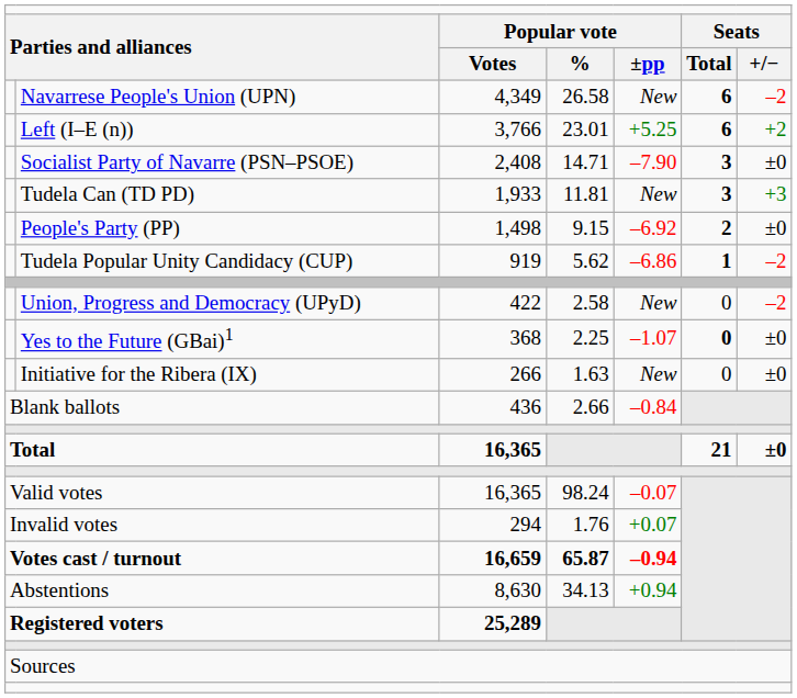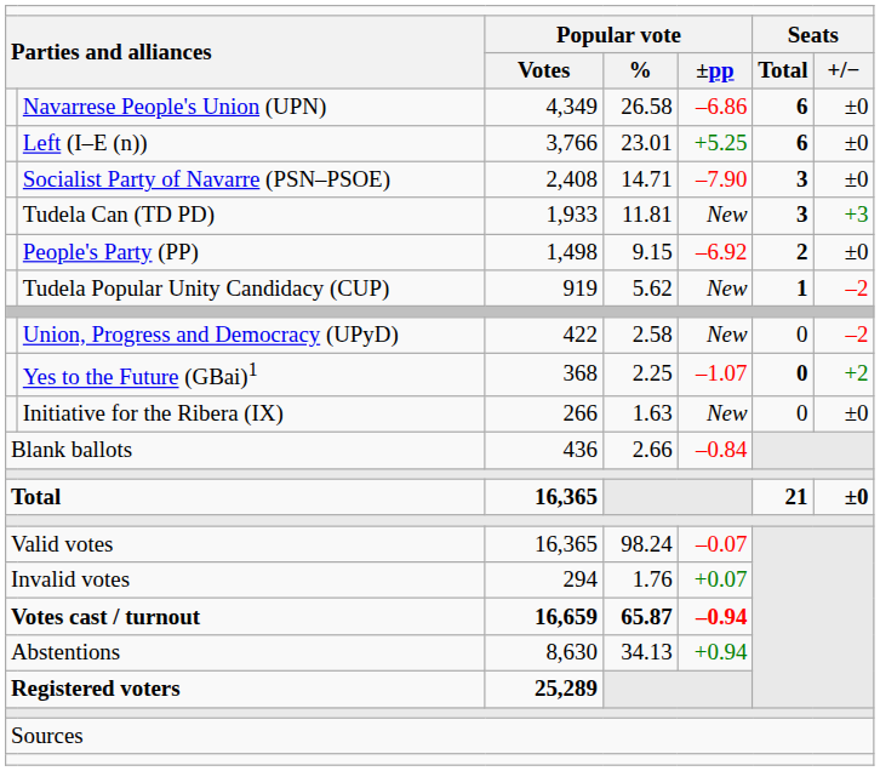 <table class="wikitable" style="text-align:right;">
 <tr>
 <td colspan="7"></td>
 </tr>
 <tr>
 <th style="text-align:left;" rowspan="2" colspan="2" width="525">Parties and alliances</th>
 <th colspan="3">Popular vote</th>
 <th colspan="2">Seats</th>
 </tr>
 <tr>
 <th width="75">Votes</th>
 <th width="45">%</th>
 <th width="45">±<a href='#'>pp</a></th>
 <th width="35">Total</th>
 <th width="35">+/−</th>
 </tr>
 <tr>
 <td width="1" style="color:inherit;background:"></td>
 <td align="left"><a href='#'>Navarrese People's Union</a> (UPN)</td>
 <td>4,349</td>
 <td>26.58</td>
-<td><em>New</em></td>
+<td style="color:red;">–6.86</td>
 <td><strong>6</strong></td>
-<td style="color:red;">–2</td>
+<td>±0</td>
 </tr>
 <tr>
 <td style="color:inherit;background:"></td>
 <td align="left"><a href='#'>Left</a> (I–E (n))</td>
 <td>3,766</td>
 <td>23.01</td>
 <td style="color:green;">+5.25</td>
 <td><strong>6</strong></td>
-<td style="color:green;">+2</td>
+<td>±0</td>
 </tr>
 <tr>
 <td style="color:inherit;background:"></td>
 <td align="left"><a href='#'>Socialist Party of Navarre</a> (PSN–PSOE)</td>
 <td>2,408</td>
 <td>14.71</td>
 <td style="color:red;">–7.90</td>
 <td><strong>3</strong></td>
 <td>±0</td>
 </tr>
 <tr>
 <td style="color:inherit;background:"></td>
 <td align="left">Tudela Can (TD PD)</td>
 <td>1,933</td>
 <td>11.81</td>
 <td><em>New</em></td>
 <td><strong>3</strong></td>
 <td style="color:green;">+3</td>
 </tr>
 <tr>
 <td style="color:inherit;background:"></td>
 <td align="left"><a href='#'>People's Party</a> (PP)</td>
 <td>1,498</td>
 <td>9.15</td>
 <td style="color:red;">–6.92</td>
 <td><strong>2</strong></td>
 <td>±0</td>
 </tr>
 <tr>
 <td style="color:inherit;background:"></td>
 <td align="left">Tudela Popular Unity Candidacy (CUP)</td>
 <td>919</td>
 <td>5.62</td>
-<td style="color:red;">–6.86</td>
+<td><em>New</em></td>
 <td><strong>1</strong></td>
 <td style="color:red;">–2</td>
 </tr>
 <tr>
 <td colspan="7" bgcolor="#C0C0C0"></td>
 </tr>
 <tr>
 <td style="color:inherit;background:"></td>
 <td align="left"><a href='#'>Union, Progress and Democracy</a> (UPyD)</td>
 <td>422</td>
 <td>2.58</td>
 <td><em>New</em></td>
 <td>0</td>
 <td style="color:red;">–2</td>
 </tr>
 <tr>
 <td style="color:inherit;background:"></td>
 <td align="left"><a href='#'>Yes to the Future</a> (GBai)<sup>1</sup></td>
 <td>368</td>
 <td>2.25</td>
 <td style="color:red;">–1.07</td>
 <td><strong>0</strong></td>
-<td>±0</td>
+<td style="color:green;">+2</td>
 </tr>
 <tr>
 <td style="color:inherit;background:"></td>
 <td align="left">Initiative for the Ribera (IX)</td>
 <td>266</td>
 <td>1.63</td>
 <td><em>New</em></td>
 <td>0</td>
 <td>±0</td>
 </tr>
 <tr>
 <td align="left" colspan="2">Blank ballots</td>
 <td>436</td>
 <td>2.66</td>
 <td style="color:red;">–0.84</td>
 <td bgcolor="#E9E9E9" colspan="2"></td>
 </tr>
 <tr>
 <td colspan="7" bgcolor="#E9E9E9"></td>
 </tr>
 <tr style="font-weight:bold;">
 <td align="left" colspan="2">Total</td>
 <td>16,365</td>
 <td bgcolor="#E9E9E9" colspan="2"></td>
 <td>21</td>
 <td>±0</td>
 </tr>
 <tr>
 <td colspan="7" bgcolor="#E9E9E9"></td>
 </tr>
 <tr>
 <td align="left" colspan="2">Valid votes</td>
 <td>16,365</td>
 <td>98.24</td>
 <td style="color:red;">–0.07</td>
 <td bgcolor="#E9E9E9" colspan="2" rowspan="5"></td>
 </tr>
 <tr>
 <td align="left" colspan="2">Invalid votes</td>
 <td>294</td>
 <td>1.76</td>
 <td style="color:green;">+0.07</td>
 </tr>
 <tr style="font-weight:bold;">
 <td align="left" colspan="2">Votes cast / turnout</td>
 <td>16,659</td>
 <td>65.87</td>
 <td style="color:red;">–0.94</td>
 </tr>
 <tr>
 <td align="left" colspan="2">Abstentions</td>
 <td>8,630</td>
 <td>34.13</td>
 <td style="color:green;">+0.94</td>
 </tr>
 <tr style="font-weight:bold;">
 <td align="left" colspan="2">Registered voters</td>
 <td>25,289</td>
 <td bgcolor="#E9E9E9" colspan="2"></td>
 </tr>
 <tr>
 <td colspan="7" bgcolor="#E9E9E9"></td>
 </tr>
 <tr>
 <td align="left" colspan="7">Sources</td>
 </tr>
 <tr>
 <td colspan="7" style="text-align:left; max-width:790px;"></td>
 </tr>
 </table>
